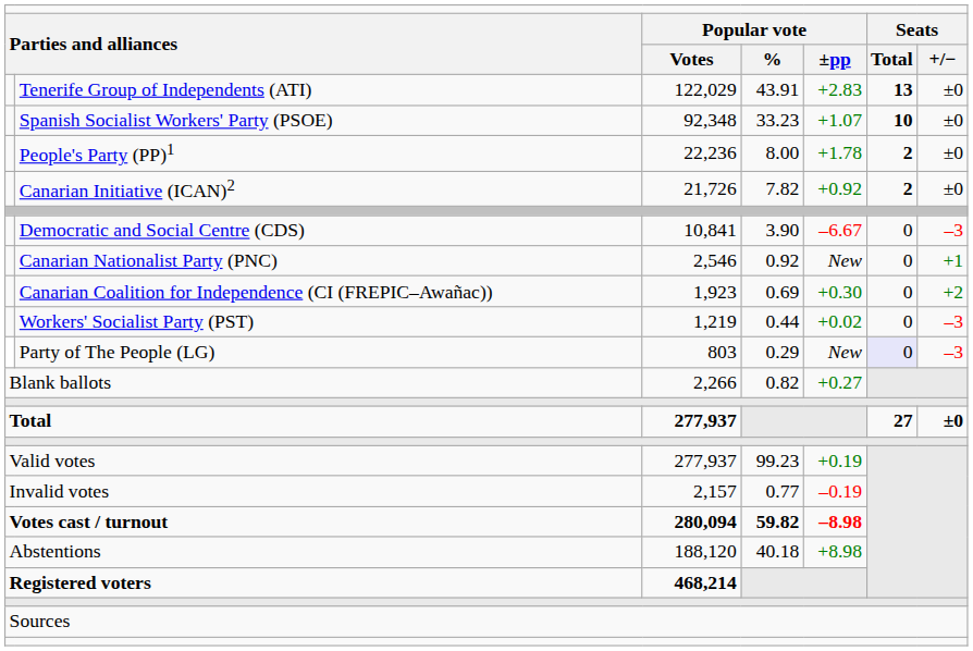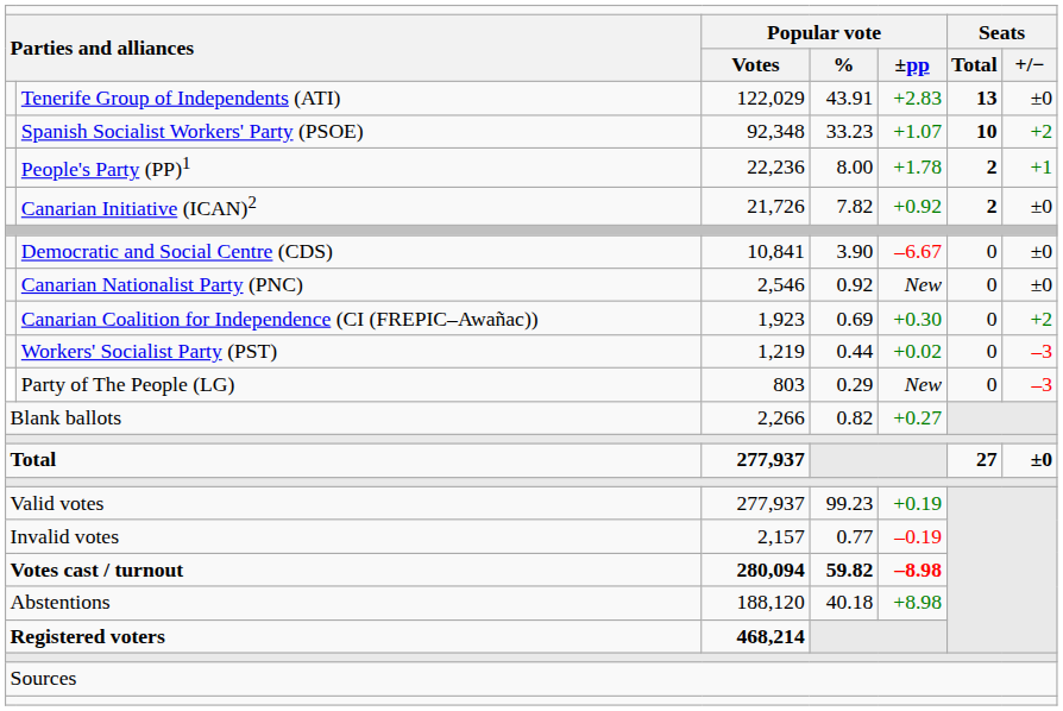 <table class="wikitable" style="text-align:right;">
 <tr>
 <td colspan="7"></td>
 </tr>
 <tr>
 <th style="text-align:left;" rowspan="2" colspan="2" width="525">Parties and alliances</th>
 <th colspan="3">Popular vote</th>
 <th colspan="2">Seats</th>
 </tr>
 <tr>
 <th width="75">Votes</th>
 <th width="45">%</th>
 <th width="45">±<a href='#'>pp</a></th>
 <th width="35">Total</th>
 <th width="35">+/−</th>
 </tr>
 <tr>
 <td width="1" style="color:inherit;background:"></td>
 <td align="left"><a href='#'>Tenerife Group of Independents</a> (ATI)</td>
 <td>122,029</td>
 <td>43.91</td>
 <td style="color:green;">+2.83</td>
 <td><strong>13</strong></td>
 <td>±0</td>
 </tr>
 <tr>
 <td style="color:inherit;background:"></td>
 <td align="left"><a href='#'>Spanish Socialist Workers' Party</a> (PSOE)</td>
 <td>92,348</td>
 <td>33.23</td>
 <td style="color:green;">+1.07</td>
 <td><strong>10</strong></td>
-<td>±0</td>
+<td style="color:green;">+2</td>
 </tr>
 <tr>
 <td style="color:inherit;background:"></td>
 <td align="left"><a href='#'>People's Party</a> (PP)<sup>1</sup></td>
 <td>22,236</td>
 <td>8.00</td>
 <td style="color:green;">+1.78</td>
 <td><strong>2</strong></td>
-<td>±0</td>
+<td style="color:green;">+1</td>
 </tr>
 <tr>
 <td style="color:inherit;background:"></td>
 <td align="left"><a href='#'>Canarian Initiative</a> (ICAN)<sup>2</sup></td>
 <td>21,726</td>
 <td>7.82</td>
 <td style="color:green;">+0.92</td>
 <td><strong>2</strong></td>
 <td>±0</td>
 </tr>
 <tr>
 <td colspan="7" bgcolor="#C0C0C0"></td>
 </tr>
 <tr>
 <td style="color:inherit;background:"></td>
 <td align="left"><a href='#'>Democratic and Social Centre</a> (CDS)</td>
 <td>10,841</td>
 <td>3.90</td>
 <td style="color:red;">–6.67</td>
 <td>0</td>
-<td style="color:red;">–3</td>
+<td>±0</td>
 </tr>
 <tr>
 <td style="color:inherit;background:"></td>
 <td align="left"><a href='#'>Canarian Nationalist Party</a> (PNC)</td>
 <td>2,546</td>
 <td>0.92</td>
 <td><em>New</em></td>
 <td>0</td>
-<td style="color:green;">+1</td>
+<td>±0</td>
 </tr>
 <tr>
 <td style="color:inherit;background:"></td>
 <td align="left"><a href='#'>Canarian Coalition for Independence</a> (CI (FREPIC–Awañac))</td>
 <td>1,923</td>
 <td>0.69</td>
 <td style="color:green;">+0.30</td>
 <td>0</td>
 <td style="color:green;">+2</td>
 </tr>
 <tr>
 <td style="color:inherit;background:"></td>
 <td align="left"><a href='#'>Workers' Socialist Party</a> (PST)</td>
 <td>1,219</td>
 <td>0.44</td>
 <td style="color:green;">+0.02</td>
 <td>0</td>
 <td style="color:red;">–3</td>
 </tr>
 <tr>
 <td bgcolor="white"></td>
 <td align="left">Party of The People (LG)</td>
 <td>803</td>
 <td>0.29</td>
 <td><em>New</em></td>
-<td style="background: lavender;">0</td>
+<td>0</td>
 <td style="color:red;">–3</td>
 </tr>
 <tr>
 <td align="left" colspan="2">Blank ballots</td>
 <td>2,266</td>
 <td>0.82</td>
 <td style="color:green;">+0.27</td>
 <td bgcolor="#E9E9E9" colspan="2"></td>
 </tr>
 <tr>
 <td colspan="7" bgcolor="#E9E9E9"></td>
 </tr>
 <tr style="font-weight:bold;">
 <td align="left" colspan="2">Total</td>
 <td>277,937</td>
 <td bgcolor="#E9E9E9" colspan="2"></td>
 <td>27</td>
 <td>±0</td>
 </tr>
 <tr>
 <td colspan="7" bgcolor="#E9E9E9"></td>
 </tr>
 <tr>
 <td align="left" colspan="2">Valid votes</td>
 <td>277,937</td>
 <td>99.23</td>
 <td style="color:green;">+0.19</td>
 <td bgcolor="#E9E9E9" colspan="2" rowspan="5"></td>
 </tr>
 <tr>
 <td align="left" colspan="2">Invalid votes</td>
 <td>2,157</td>
 <td>0.77</td>
 <td style="color:red;">–0.19</td>
 </tr>
 <tr style="font-weight:bold;">
 <td align="left" colspan="2">Votes cast / turnout</td>
 <td>280,094</td>
 <td>59.82</td>
 <td style="color:red;">–8.98</td>
 </tr>
 <tr>
 <td align="left" colspan="2">Abstentions</td>
 <td>188,120</td>
 <td>40.18</td>
 <td style="color:green;">+8.98</td>
 </tr>
 <tr style="font-weight:bold;">
 <td align="left" colspan="2">Registered voters</td>
 <td>468,214</td>
 <td bgcolor="#E9E9E9" colspan="2"></td>
 </tr>
 <tr>
 <td colspan="7" bgcolor="#E9E9E9"></td>
 </tr>
 <tr>
 <td align="left" colspan="7">Sources</td>
 </tr>
 <tr>
 <td colspan="7" style="text-align:left; max-width:790px;"></td>
 </tr>
 </table>
